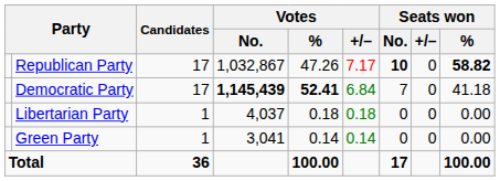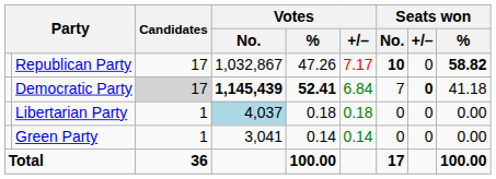 <table class="wikitable" style="font-size:100%; text-align:right;">
 <tr>
 <th colspan="2" rowspan="2">Party</th>
 <th rowspan="2"><small>Candi</small><small>dates</small></th>
 <th colspan="3">Votes</th>
 <th colspan="3">Seats won</th>
 </tr>
 <tr>
 <th>No.</th>
 <th>%</th>
 <th>+/–</th>
 <th>No.</th>
 <th>+/–</th>
 <th>%</th>
 </tr>
 <tr>
 <td style="background:"></td>
 <td align="left"><a href='#'>Republican Party</a></td>
 <td>17</td>
 <td>1,032,867</td>
 <td>47.26</td>
 <td style="color:red;">7.17</td>
 <td><strong>10</strong></td>
 <td>0</td>
 <td><strong>58.82</strong></td>
 </tr>
 <tr>
 <td style="background:"></td>
 <td align="left"><a href='#'>Democratic Party</a></td>
-<td>17</td>
+<td style="background: lightgrey;">17</td>
 <td><strong>1,145,439</strong></td>
 <td><strong>52.41</strong></td>
 <td style="color:green;">6.84</td>
 <td>7</td>
-<td>0</td>
+<td><strong>0</strong></td>
 <td>41.18</td>
 </tr>
 <tr>
 <td style="background:"></td>
 <td align="left"><a href='#'>Libertarian Party</a></td>
 <td>1</td>
-<td>4,037</td>
+<td style="background: lightblue;">4,037</td>
 <td>0.18</td>
 <td style="color:green;">0.18</td>
 <td>0</td>
 <td>0</td>
 <td>0.00</td>
 </tr>
 <tr>
 <td style="background:"></td>
 <td align="left"><a href='#'>Green Party</a></td>
 <td>1</td>
 <td>3,041</td>
 <td>0.14</td>
 <td style="color:green;">0.14</td>
 <td>0</td>
 <td>0</td>
 <td>0.00</td>
 </tr>
 <tr style="font-weight:bold">
 <td colspan="2" align="left">Total</td>
 <td>36</td>
 <td></td>
 <td>100.00</td>
 <td></td>
 <td>17</td>
 <td></td>
 <td>100.00</td>
 </tr>
 </table>
